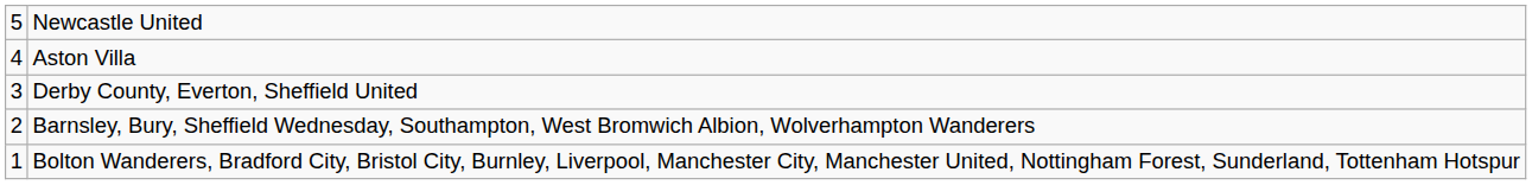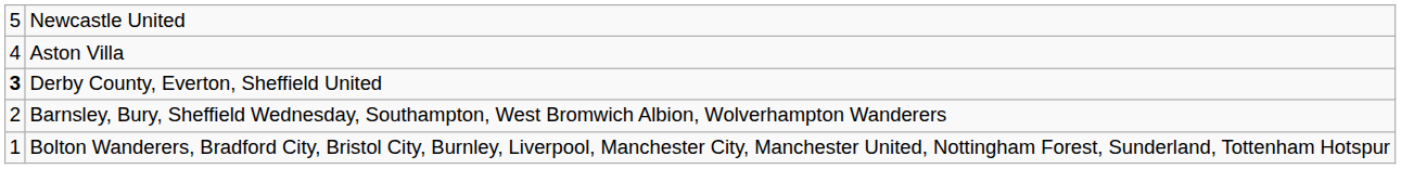 <table class="wikitable">
 <tr>
 <td>5</td>
 <td>Newcastle United</td>
 </tr>
 <tr>
 <td>4</td>
 <td>Aston Villa</td>
 </tr>
 <tr>
-<td>3</td>
+<td><strong>3</strong></td>
 <td>Derby County, Everton, Sheffield United</td>
 </tr>
 <tr>
 <td>2</td>
 <td>Barnsley, Bury, Sheffield Wednesday, Southampton, West Bromwich Albion, Wolverhampton Wanderers</td>
 </tr>
 <tr>
 <td>1</td>
 <td>Bolton Wanderers, Bradford City, Bristol City, Burnley, Liverpool, Manchester City, Manchester United, Nottingham Forest, Sunderland, Tottenham Hotspur</td>
 </tr>
 </table>
